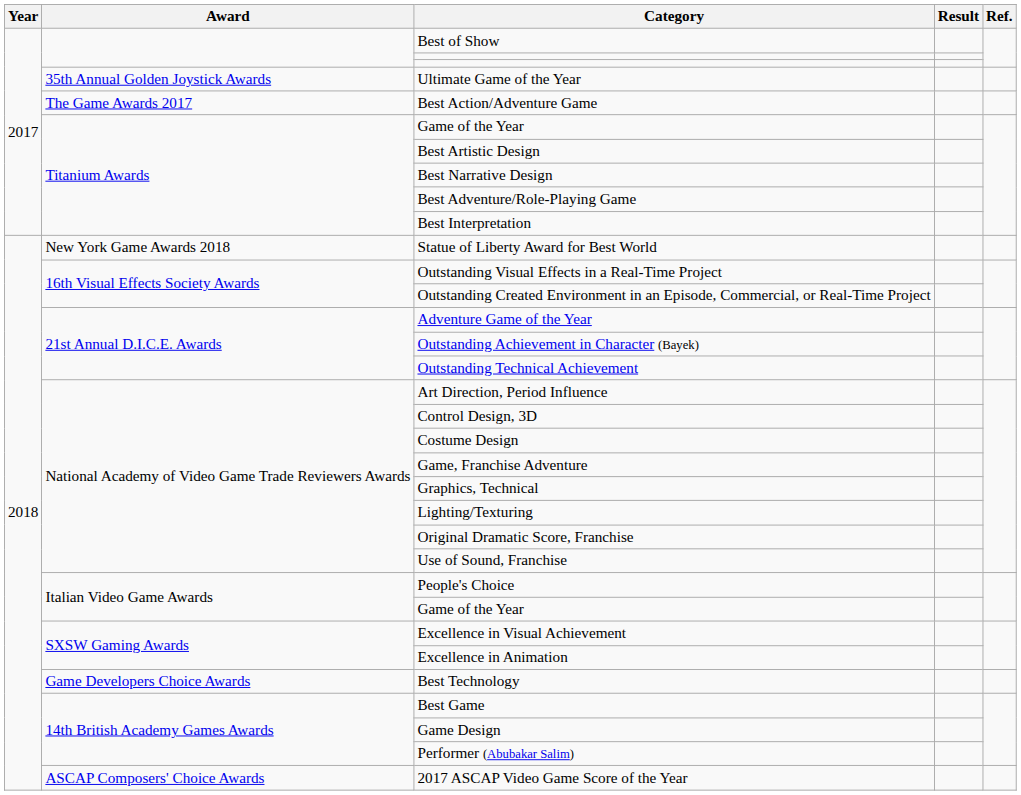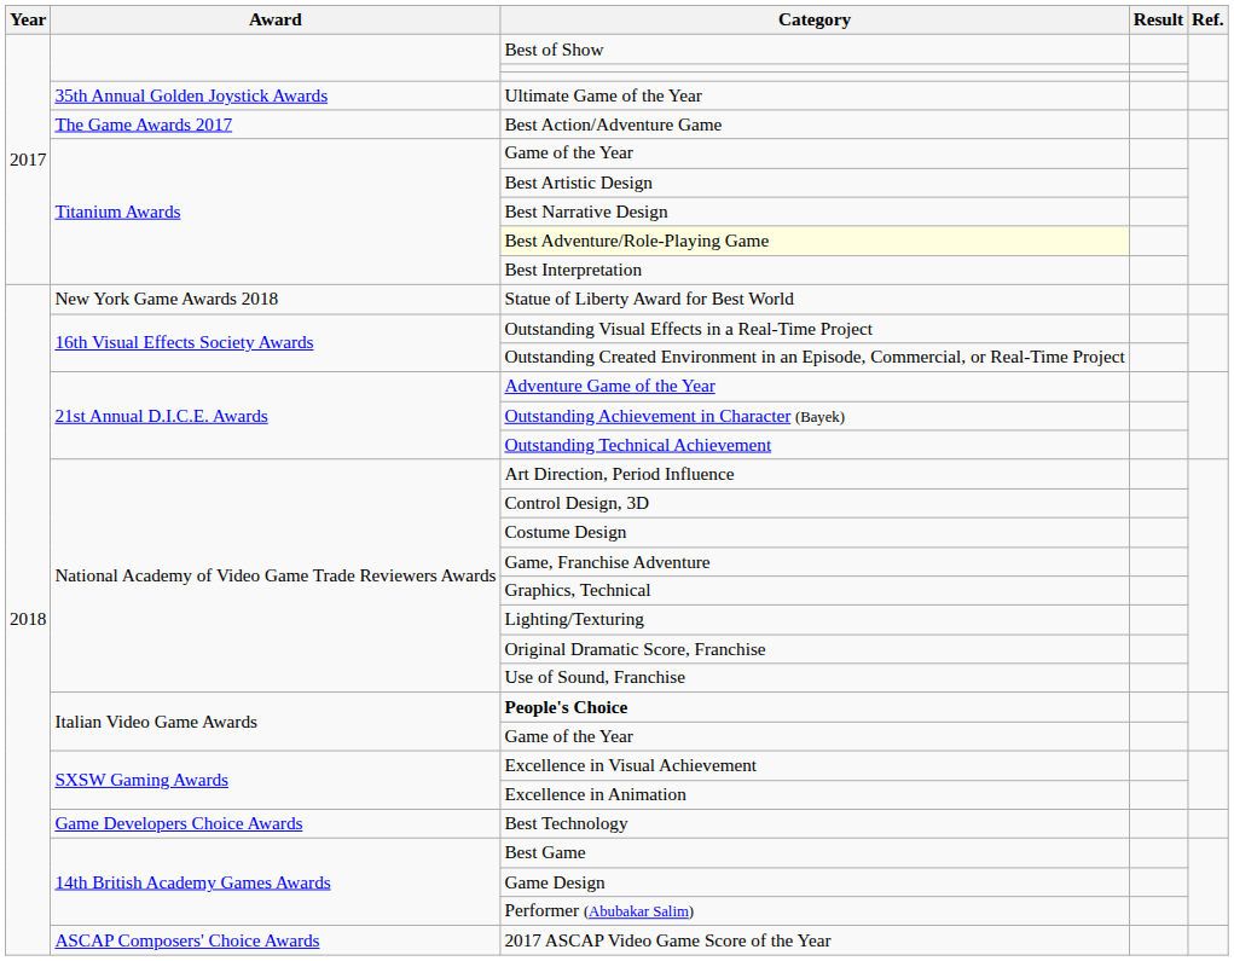 <table class="wikitable sortable">
 <tr>
 <th>Year</th>
 <th>Award</th>
 <th>Category</th>
 <th>Result</th>
 <th class="unsortable">Ref.</th>
 </tr>
 <tr>
 <td align="center" rowspan="10">2017</td>
 <td rowspan="3"></td>
 <td>Best of Show</td>
 <td></td>
 <td align="center" rowspan=3></td>
 </tr>
 <tr>
 <td></td>
 <td></td>
 </tr>
 <tr>
 <td></td>
 <td></td>
 </tr>
 <tr>
 <td><a href='#'>35th Annual Golden Joystick Awards</a></td>
 <td>Ultimate Game of the Year</td>
 <td></td>
 <td align="center"></td>
 </tr>
 <tr>
 <td><a href='#'>The Game Awards 2017</a></td>
 <td>Best Action/Adventure Game</td>
 <td></td>
 <td align="center"></td>
 </tr>
 <tr>
 <td rowspan="5"><a href='#'>Titanium Awards</a></td>
 <td>Game of the Year</td>
 <td></td>
 <td align="center" rowspan=5></td>
 </tr>
 <tr>
 <td>Best Artistic Design</td>
 <td></td>
 </tr>
 <tr>
 <td>Best Narrative Design</td>
 <td></td>
 </tr>
 <tr>
-<td>Best Adventure/Role-Playing Game</td>
+<td style="background: lightyellow;">Best Adventure/Role-Playing Game</td>
 <td></td>
 </tr>
 <tr>
 <td>Best Interpretation</td>
 <td></td>
 </tr>
 <tr>
 <td align="center" rowspan="23">2018</td>
 <td>New York Game Awards 2018</td>
 <td>Statue of Liberty Award for Best World</td>
 <td></td>
 <td align="center"></td>
 </tr>
 <tr>
 <td rowspan="2"><a href='#'>16th Visual Effects Society Awards</a></td>
 <td>Outstanding Visual Effects in a Real-Time Project</td>
 <td></td>
 <td align="center" rowspan=2><br></td>
 </tr>
 <tr>
 <td>Outstanding Created Environment in an Episode, Commercial, or Real-Time Project</td>
 <td></td>
 </tr>
 <tr>
 <td rowspan="3"><a href='#'>21st Annual D.I.C.E. Awards</a></td>
 <td><a href='#'>Adventure Game of the Year</a></td>
 <td></td>
 <td align="center" rowspan=3><br></td>
 </tr>
 <tr>
 <td><a href='#'>Outstanding Achievement in Character</a> <small>(Bayek)</small></td>
 <td></td>
 </tr>
 <tr>
 <td><a href='#'>Outstanding Technical Achievement</a></td>
 <td></td>
 </tr>
 <tr>
 <td rowspan="8">National Academy of Video Game Trade Reviewers Awards</td>
 <td>Art Direction, Period Influence</td>
 <td></td>
 <td align="center" rowspan=8></td>
 </tr>
 <tr>
 <td>Control Design, 3D</td>
 <td></td>
 </tr>
 <tr>
 <td>Costume Design</td>
 <td></td>
 </tr>
 <tr>
 <td>Game, Franchise Adventure</td>
 <td></td>
 </tr>
 <tr>
 <td>Graphics, Technical</td>
 <td></td>
 </tr>
 <tr>
 <td>Lighting/Texturing</td>
 <td></td>
 </tr>
 <tr>
 <td>Original Dramatic Score, Franchise</td>
 <td></td>
 </tr>
 <tr>
 <td>Use of Sound, Franchise</td>
 <td></td>
 </tr>
 <tr>
 <td rowspan="2">Italian Video Game Awards</td>
-<td>People's Choice</td>
+<td><strong>People's Choice</strong></td>
 <td></td>
 <td align="center" rowspan=2></td>
 </tr>
 <tr>
 <td>Game of the Year</td>
 <td></td>
 </tr>
 <tr>
 <td rowspan="2"><a href='#'>SXSW Gaming Awards</a></td>
 <td>Excellence in Visual Achievement</td>
 <td></td>
 <td align="center" rowspan=2></td>
 </tr>
 <tr>
 <td>Excellence in Animation</td>
 <td></td>
 </tr>
 <tr>
 <td><a href='#'>Game Developers Choice Awards</a></td>
 <td>Best Technology</td>
 <td></td>
 <td align="center"></td>
 </tr>
 <tr>
 <td rowspan="3"><a href='#'>14th British Academy Games Awards</a></td>
 <td>Best Game</td>
 <td></td>
 <td align="center" rowspan=3><br></td>
 </tr>
 <tr>
 <td>Game Design</td>
 <td></td>
 </tr>
 <tr>
 <td>Performer <small>(<a href='#'>Abubakar Salim</a>)</small></td>
 <td></td>
 </tr>
 <tr>
 <td><a href='#'>ASCAP Composers' Choice Awards</a></td>
 <td>2017 ASCAP Video Game Score of the Year</td>
 <td></td>
 <td align="center"></td>
 </tr>
 </table>
